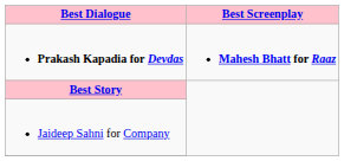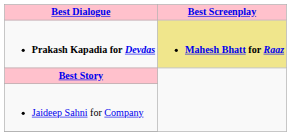 <table class=wikitable style="width=150%">
 <tr>
 <th style="background:#FFC1CC;" ! style="width=50%"><a href='#'>Best Dialogue</a></th>
 <th style="background:#FFC1CC;" ! style="width=50%"><a href='#'>Best Screenplay</a></th>
 </tr>
 <tr>
 <td valign="top"><br><ul><li><strong>Prakash Kapadia for <em><a href='#'>Devdas</a></em> </strong></li></ul></td>
-<td valign="top"><br><ul><li><strong><a href='#'>Mahesh Bhatt</a> for <em><a href='#'>Raaz</a><strong><em></li></ul></td>
+<td valign="top" style="background: khaki;"><br><ul><li><strong><a href='#'>Mahesh Bhatt</a> for <em><a href='#'>Raaz</a><strong><em></li></ul></td>
 </tr>
 <tr>
 <th style="background:#FFC1CC;" ! style="width=50%"><a href='#'>Best Story</a></th>
 </tr>
 <tr>
 <td valign="centre"><br><ul><li></strong><a href='#'>Jaideep Sahni</a> for </em><a href='#'>Company</a></em></strong></li></ul></td>
 </tr>
 <tr>
 </tr>
 </table>
